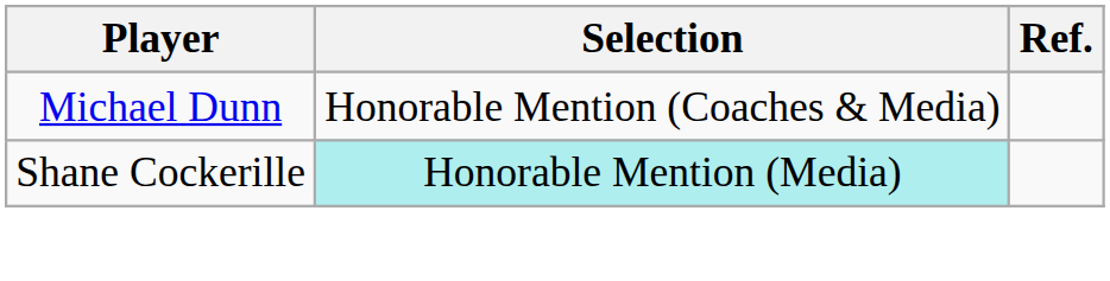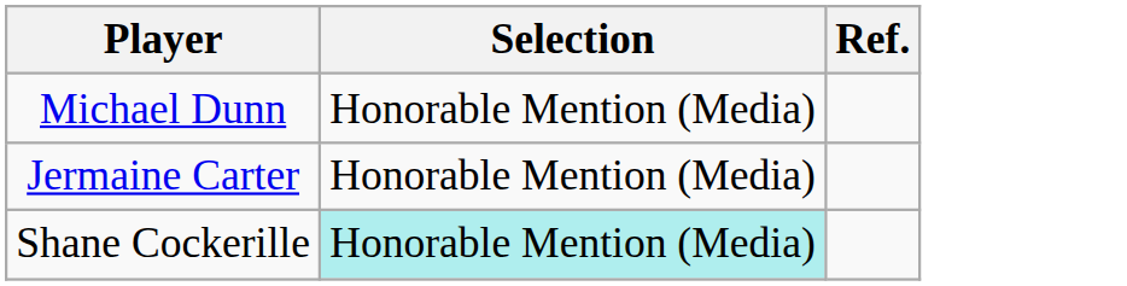 <table class="wikitable sortable sortable" style="text-align: center">
 <tr align=center>
 <th>Player</th>
 <th>Selection</th>
 <th>Ref.</th>
 </tr>
 <tr>
 <td><a href='#'>Michael Dunn</a></td>
-<td>Honorable Mention (Coaches & Media)</td>
+<td>Honorable Mention (Media)</td>
+<td></td>
+</tr>
+<tr>
+<td><a href='#'>Jermaine Carter</a></td>
+<td>Honorable Mention (Media)</td>
 <td></td>
 </tr>
 <tr>
 <td>Shane Cockerille</td>
 <td style="background: paleturquoise;">Honorable Mention (Media)</td>
 <td></td>
 </tr>
 </table>
